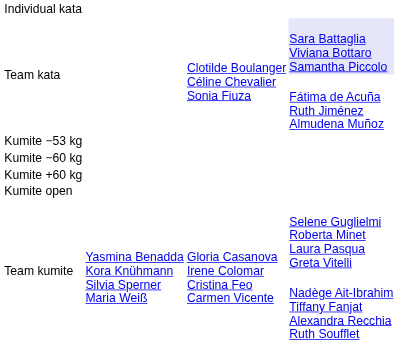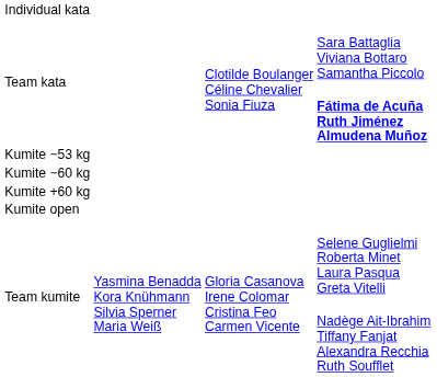 <table>
 <tr>
 <td rowspan=2>Individual kata</td>
 <td rowspan=2></td>
 <td rowspan=2></td>
 <td></td>
 </tr>
 <tr>
 <td></td>
 </tr>
 <tr>
 <td rowspan=2>Team kata</td>
 <td rowspan=2></td>
 <td rowspan=2><br><a href='#'>Clotilde Boulanger</a><br><a href='#'>Céline Chevalier</a><br><a href='#'>Sonia Fiuza</a></td>
-<td style="background: lavender;"><br><a href='#'>Sara Battaglia</a><br><a href='#'>Viviana Bottaro</a><br><a href='#'>Samantha Piccolo</a></td>
+<td><br><a href='#'>Sara Battaglia</a><br><a href='#'>Viviana Bottaro</a><br><a href='#'>Samantha Piccolo</a></td>
 </tr>
 <tr>
-<td><br><a href='#'>Fátima de Acuña</a><br><a href='#'>Ruth Jiménez</a><br><a href='#'>Almudena Muñoz</a></td>
+<td><strong><br><a href='#'>Fátima de Acuña</a><br><a href='#'>Ruth Jiménez</a><br><a href='#'>Almudena Muñoz</a></strong></td>
 </tr>
 <tr>
 <td rowspan=2>Kumite −53 kg</td>
 <td rowspan=2></td>
 <td rowspan=2></td>
 <td></td>
 </tr>
 <tr>
 <td></td>
 </tr>
 <tr>
 <td rowspan=2>Kumite −60 kg</td>
 <td rowspan=2></td>
 <td rowspan=2></td>
 <td></td>
 </tr>
 <tr>
 <td></td>
 </tr>
 <tr>
 <td rowspan=2>Kumite +60 kg</td>
 <td rowspan=2></td>
 <td rowspan=2></td>
 <td></td>
 </tr>
 <tr>
 <td></td>
 </tr>
 <tr>
 <td rowspan=2>Kumite open</td>
 <td rowspan=2></td>
 <td rowspan=2></td>
 <td></td>
 </tr>
 <tr>
 <td></td>
 </tr>
 <tr>
 <td rowspan=2>Team kumite</td>
 <td rowspan=2><br><a href='#'>Yasmina Benadda</a><br><a href='#'>Kora Knühmann</a><br><a href='#'>Silvia Sperner</a><br><a href='#'>Maria Weiß</a></td>
 <td rowspan=2><br><a href='#'>Gloria Casanova</a><br><a href='#'>Irene Colomar</a><br><a href='#'>Cristina Feo</a><br><a href='#'>Carmen Vicente</a></td>
 <td><br><a href='#'>Selene Guglielmi</a><br><a href='#'>Roberta Minet</a><br><a href='#'>Laura Pasqua</a><br><a href='#'>Greta Vitelli</a></td>
 </tr>
 <tr>
 <td><br><a href='#'>Nadège Ait-Ibrahim</a><br><a href='#'>Tiffany Fanjat</a><br><a href='#'>Alexandra Recchia</a><br><a href='#'>Ruth Soufflet</a></td>
 </tr>
 </table>
